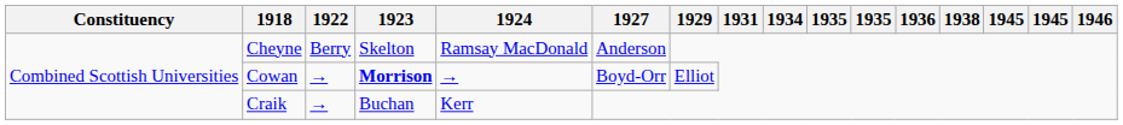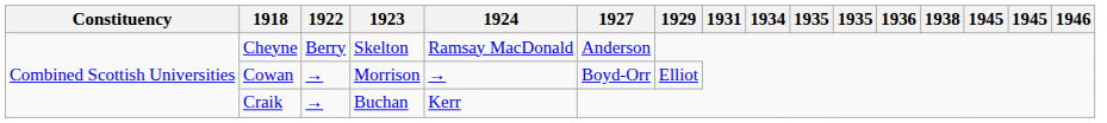 <table class=wikitable sortable>
 <tr>
 <th>Constituency</th>
 <th>1918</th>
 <th>1922</th>
 <th>1923</th>
 <th>1924</th>
 <th>1927</th>
 <th>1929</th>
 <th>1931</th>
 <th>1934</th>
 <th>1935</th>
 <th>1935</th>
 <th>1936</th>
 <th>1938</th>
 <th>1945</th>
 <th>1945</th>
 <th>1946</th>
 </tr>
 <tr>
 <td rowspan="3"><a href='#'>Combined Scottish Universities</a></td>
 <td bgcolor=><a href='#'>Cheyne</a></td>
 <td bgcolor=><a href='#'>Berry</a></td>
 <td bgcolor=><a href='#'>Skelton</a></td>
 <td bgcolor=><a href='#'>Ramsay MacDonald</a></td>
 <td bgcolor=><a href='#'>Anderson</a></td>
 </tr>
 <tr>
 <td bgcolor=><a href='#'>Cowan</a></td>
 <td bgcolor=><a href='#'>→</a></td>
-<td bgcolor=><strong><a href='#'>Morrison</a></strong></td>
+<td bgcolor=><a href='#'>Morrison</a></td>
 <td bgcolor=><a href='#'>→</a></td>
 <td bgcolor=><a href='#'>Boyd-Orr</a></td>
 <td bgcolor=><a href='#'>Elliot</a></td>
 </tr>
 <tr>
 <td bgcolor=><a href='#'>Craik</a></td>
 <td bgcolor=><a href='#'>→</a></td>
 <td bgcolor=><a href='#'>Buchan</a></td>
 <td bgcolor=><a href='#'>Kerr</a></td>
 </tr>
 </table>
